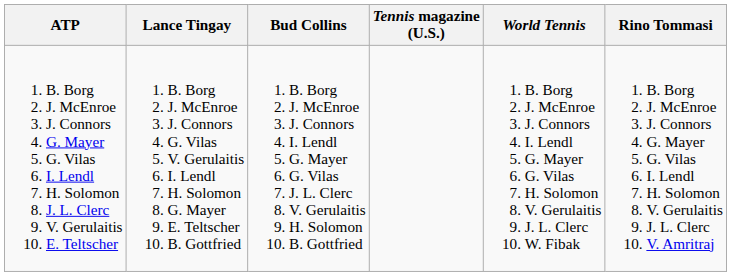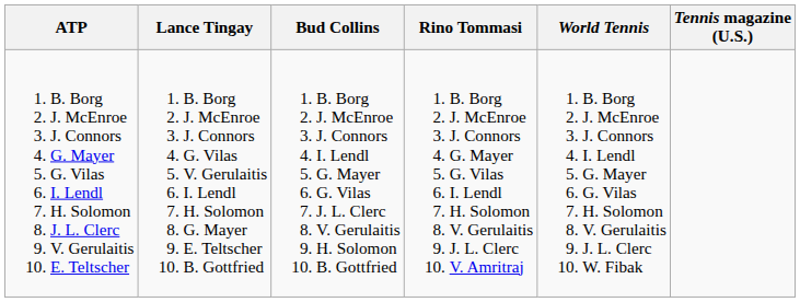 <table class="wikitable">
 <tr>
 <th>ATP</th>
 <th>Lance Tingay</th>
 <th>Bud Collins</th>
+<th>Rino Tommasi</th>
+<th><em>World Tennis</em></th>
 <th><em>Tennis</em> magazine<br>(U.S.)</th>
-<th><em>World Tennis</em></th>
-<th>Rino Tommasi</th>
 </tr>
 <tr style="vertical-align: top;">
 <td style="white-space: nowrap;"><br><ol><li> B. Borg</li><li> J. McEnroe</li><li> J. Connors</li><li> <a href='#'>G. Mayer</a></li><li> G. Vilas</li><li> <a href='#'>I. Lendl</a></li><li> H. Solomon</li><li> <a href='#'>J. L. Clerc</a></li><li> V. Gerulaitis</li><li> <a href='#'>E. Teltscher</a></li></ol></td>
 <td style="white-space: nowrap;"><br><ol><li> B. Borg</li><li> J. McEnroe</li><li> J. Connors</li><li> G. Vilas</li><li> V. Gerulaitis</li><li> I. Lendl</li><li> H. Solomon</li><li> G. Mayer</li><li> E. Teltscher</li><li> B. Gottfried</li></ol></td>
 <td style="white-space: nowrap;"><br><ol><li> B. Borg</li><li> J. McEnroe</li><li> J. Connors</li><li> I. Lendl</li><li> G. Mayer</li><li> G. Vilas</li><li> J. L. Clerc</li><li> V. Gerulaitis</li><li> H. Solomon</li><li> B. Gottfried</li></ol></td>
+<td style="white-space: nowrap;"><br><ol><li> B. Borg</li><li> J. McEnroe</li><li> J. Connors</li><li> G. Mayer</li><li> G. Vilas</li><li> I. Lendl</li><li> H. Solomon</li><li> V. Gerulaitis</li><li> J. L. Clerc</li><li> <a href='#'>V. Amritraj</a></li></ol></td>
+<td style="white-space: nowrap;"><br><ol><li> B. Borg</li><li> J. McEnroe</li><li> J. Connors</li><li> I. Lendl</li><li> G. Mayer</li><li> G. Vilas</li><li> H. Solomon</li><li> V. Gerulaitis</li><li> J. L. Clerc</li><li> W. Fibak</li></ol></td>
 <td></td>
-<td style="white-space: nowrap;"><br><ol><li> B. Borg</li><li> J. McEnroe</li><li> J. Connors</li><li> I. Lendl</li><li> G. Mayer</li><li> G. Vilas</li><li> H. Solomon</li><li> V. Gerulaitis</li><li> J. L. Clerc</li><li> W. Fibak</li></ol></td>
-<td style="white-space: nowrap;"><br><ol><li> B. Borg</li><li> J. McEnroe</li><li> J. Connors</li><li> G. Mayer</li><li> G. Vilas</li><li> I. Lendl</li><li> H. Solomon</li><li> V. Gerulaitis</li><li> J. L. Clerc</li><li> <a href='#'>V. Amritraj</a></li></ol></td>
 </tr>
 </table>
